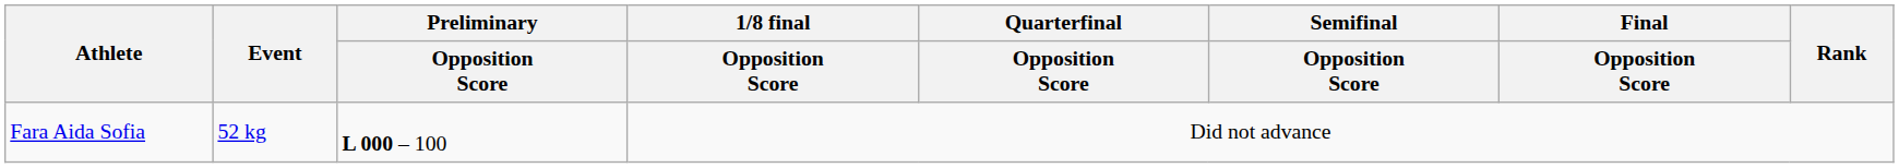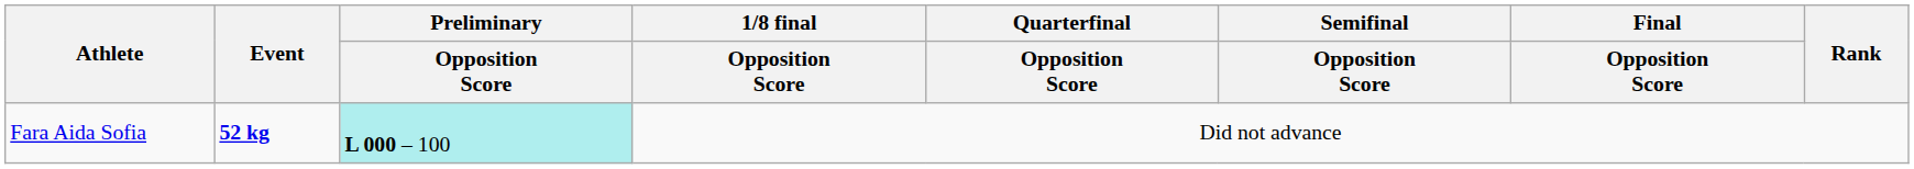 <table class="wikitable" width="100%" style="text-align:left; font-size:90%">
 <tr>
 <th rowspan=2 width="10%">Athlete</th>
 <th rowspan=2 width="6%">Event</th>
 <th width="14%">Preliminary</th>
 <th width="14%">1/8 final</th>
 <th width="14%">Quarterfinal</th>
 <th width="14%">Semifinal</th>
 <th width="14%">Final</th>
 <th rowspan=2 width="5%">Rank</th>
 </tr>
 <tr>
 <th>Opposition<br>Score</th>
 <th>Opposition<br>Score</th>
 <th>Opposition<br>Score</th>
 <th>Opposition<br>Score</th>
 <th>Opposition<br>Score</th>
 </tr>
 <tr>
 <td><a href='#'>Fara Aida Sofia</a></td>
-<td><a href='#'>52 kg</a></td>
-<td><br><strong>L 000</strong> – 100</td>
+<td><strong><a href='#'>52 kg</a></strong></td>
+<td style="background: paleturquoise;"><br><strong>L 000</strong> – 100</td>
 <td colspan=5 align=center>Did not advance</td>
 </tr>
 </table>
